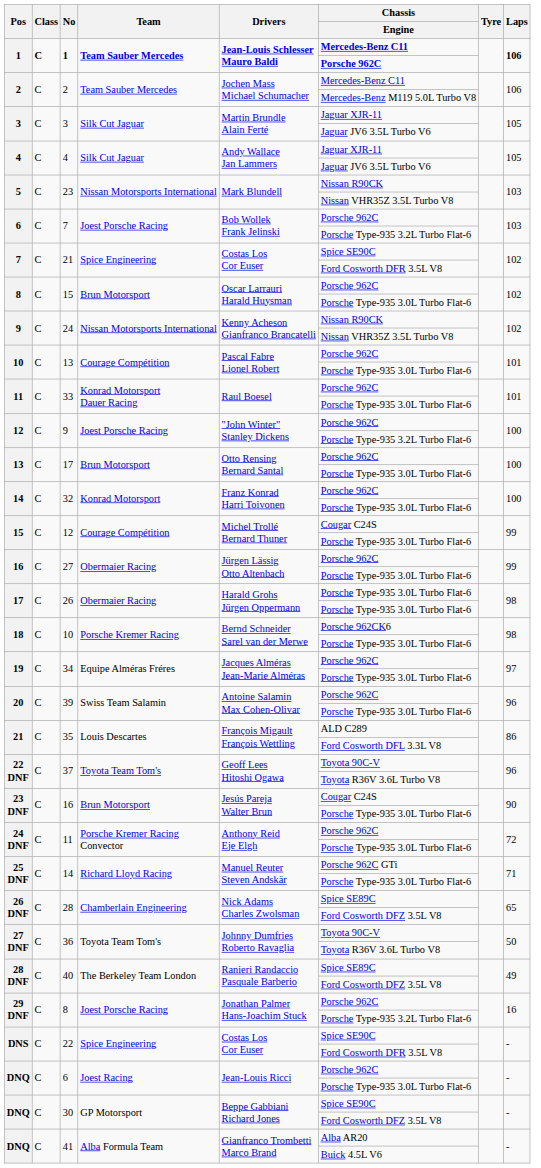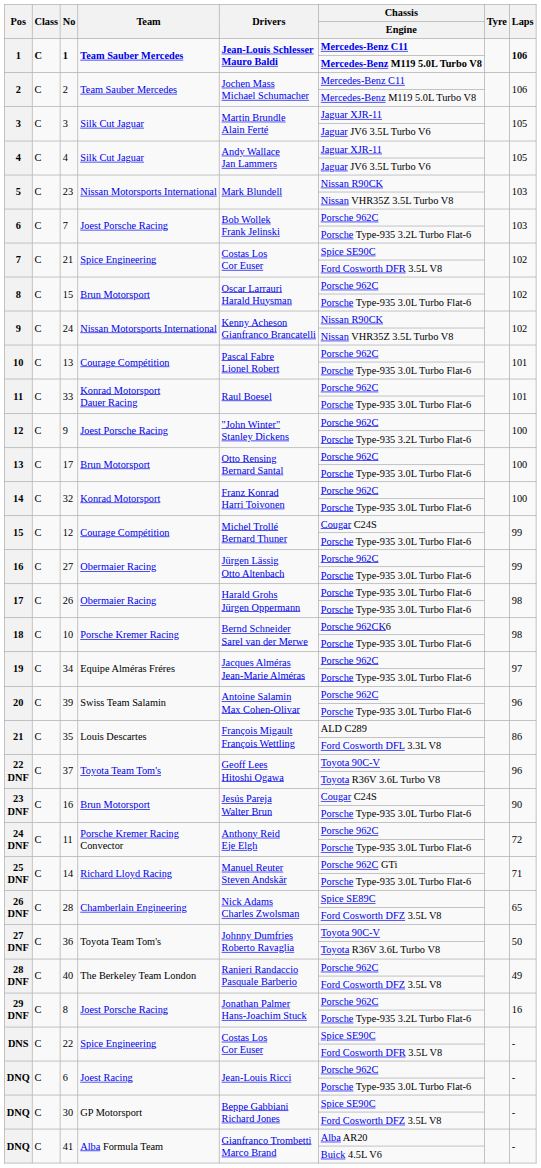 <table class="wikitable" style="font-size: 95%;">
 <tr>
 <th rowspan=2>Pos</th>
 <th rowspan=2>Class</th>
 <th rowspan=2>No</th>
 <th rowspan=2>Team</th>
 <th rowspan=2>Drivers</th>
 <th>Chassis</th>
 <th rowspan=2>Tyre</th>
 <th rowspan=2>Laps</th>
 </tr>
 <tr>
 <th>Engine</th>
 </tr>
 <tr style="font-weight:bold">
 <th rowspan=2>1</th>
 <td rowspan=2>C</td>
 <td rowspan=2>1</td>
 <td rowspan=2> <a href='#'>Team Sauber Mercedes</a></td>
 <td rowspan=2> <a href='#'>Jean-Louis Schlesser</a><br> <a href='#'>Mauro Baldi</a></td>
 <td><a href='#'>Mercedes-Benz C11</a></td>
 <td rowspan=2></td>
 <td rowspan=2>106</td>
 </tr>
 <tr style="font-weight:bold">
-<td><a href='#'>Porsche 962C</a></td>
+<td><a href='#'>Mercedes-Benz</a> M119 5.0L Turbo V8</td>
 </tr>
 <tr>
 <th rowspan=2>2</th>
 <td rowspan=2>C</td>
 <td rowspan=2>2</td>
 <td rowspan=2> <a href='#'>Team Sauber Mercedes</a></td>
 <td rowspan=2> <a href='#'>Jochen Mass</a><br> <a href='#'>Michael Schumacher</a></td>
 <td><a href='#'>Mercedes-Benz C11</a></td>
 <td rowspan=2></td>
 <td rowspan=2>106</td>
 </tr>
 <tr>
 <td><a href='#'>Mercedes-Benz</a> M119 5.0L Turbo V8</td>
 </tr>
 <tr>
 <th rowspan=2>3</th>
 <td rowspan=2>C</td>
 <td rowspan=2>3</td>
 <td rowspan=2> <a href='#'>Silk Cut Jaguar</a></td>
 <td rowspan=2> <a href='#'>Martin Brundle</a><br> <a href='#'>Alain Ferté</a></td>
 <td><a href='#'>Jaguar XJR-11</a></td>
 <td rowspan=2></td>
 <td rowspan=2>105</td>
 </tr>
 <tr>
 <td><a href='#'>Jaguar</a> JV6 3.5L Turbo V6</td>
 </tr>
 <tr>
 <th rowspan=2>4</th>
 <td rowspan=2>C</td>
 <td rowspan=2>4</td>
 <td rowspan=2> <a href='#'>Silk Cut Jaguar</a></td>
 <td rowspan=2> <a href='#'>Andy Wallace</a><br> <a href='#'>Jan Lammers</a></td>
 <td><a href='#'>Jaguar XJR-11</a></td>
 <td rowspan=2></td>
 <td rowspan=2>105</td>
 </tr>
 <tr>
 <td><a href='#'>Jaguar</a> JV6 3.5L Turbo V6</td>
 </tr>
 <tr>
 <th rowspan=2>5</th>
 <td rowspan=2>C</td>
 <td rowspan=2>23</td>
 <td rowspan=2> <a href='#'>Nissan Motorsports International</a></td>
 <td rowspan=2> <a href='#'>Mark Blundell</a></td>
 <td><a href='#'>Nissan R90CK</a></td>
 <td rowspan=2></td>
 <td rowspan=2>103</td>
 </tr>
 <tr>
 <td><a href='#'>Nissan</a> VHR35Z 3.5L Turbo V8</td>
 </tr>
 <tr>
 <th rowspan=2>6</th>
 <td rowspan=2>C</td>
 <td rowspan=2>7</td>
 <td rowspan=2> <a href='#'>Joest Porsche Racing</a></td>
 <td rowspan=2> <a href='#'>Bob Wollek</a><br> <a href='#'>Frank Jelinski</a></td>
 <td><a href='#'>Porsche 962C</a></td>
 <td rowspan=2></td>
 <td rowspan=2>103</td>
 </tr>
 <tr>
 <td><a href='#'>Porsche</a> Type-935 3.2L Turbo Flat-6</td>
 </tr>
 <tr>
 <th rowspan=2>7</th>
 <td rowspan=2>C</td>
 <td rowspan=2>21</td>
 <td rowspan=2> <a href='#'>Spice Engineering</a></td>
 <td rowspan=2> <a href='#'>Costas Los</a><br> <a href='#'>Cor Euser</a></td>
 <td><a href='#'>Spice SE90C</a></td>
 <td rowspan=2></td>
 <td rowspan=2>102</td>
 </tr>
 <tr>
 <td><a href='#'>Ford Cosworth DFR</a> 3.5L V8</td>
 </tr>
 <tr>
 <th rowspan=2>8</th>
 <td rowspan=2>C</td>
 <td rowspan=2>15</td>
 <td rowspan=2> <a href='#'>Brun Motorsport</a></td>
 <td rowspan=2> <a href='#'>Oscar Larrauri</a><br> <a href='#'>Harald Huysman</a></td>
 <td><a href='#'>Porsche 962C</a></td>
 <td rowspan=2></td>
 <td rowspan=2>102</td>
 </tr>
 <tr>
 <td><a href='#'>Porsche</a> Type-935 3.0L Turbo Flat-6</td>
 </tr>
 <tr>
 <th rowspan=2>9</th>
 <td rowspan=2>C</td>
 <td rowspan=2>24</td>
 <td rowspan=2> <a href='#'>Nissan Motorsports International</a></td>
 <td rowspan=2> <a href='#'>Kenny Acheson</a><br> <a href='#'>Gianfranco Brancatelli</a></td>
 <td><a href='#'>Nissan R90CK</a></td>
 <td rowspan=2></td>
 <td rowspan=2>102</td>
 </tr>
 <tr>
 <td><a href='#'>Nissan</a> VHR35Z 3.5L Turbo V8</td>
 </tr>
 <tr>
 <th rowspan=2>10</th>
 <td rowspan=2>C</td>
 <td rowspan=2>13</td>
 <td rowspan=2> <a href='#'>Courage Compétition</a></td>
 <td rowspan=2> <a href='#'>Pascal Fabre</a><br> <a href='#'>Lionel Robert</a></td>
 <td><a href='#'>Porsche 962C</a></td>
 <td rowspan=2></td>
 <td rowspan=2>101</td>
 </tr>
 <tr>
 <td><a href='#'>Porsche</a> Type-935 3.0L Turbo Flat-6</td>
 </tr>
 <tr>
 <th rowspan=2>11</th>
 <td rowspan=2>C</td>
 <td rowspan=2>33</td>
 <td rowspan=2> <a href='#'>Konrad Motorsport</a><br> <a href='#'>Dauer Racing</a></td>
 <td rowspan=2> <a href='#'>Raul Boesel</a></td>
 <td><a href='#'>Porsche 962C</a></td>
 <td rowspan=2></td>
 <td rowspan=2>101</td>
 </tr>
 <tr>
 <td><a href='#'>Porsche</a> Type-935 3.0L Turbo Flat-6</td>
 </tr>
 <tr>
 <th rowspan=2>12</th>
 <td rowspan=2>C</td>
 <td rowspan=2>9</td>
 <td rowspan=2> <a href='#'>Joest Porsche Racing</a></td>
 <td rowspan=2> <a href='#'>"John Winter"</a><br> <a href='#'>Stanley Dickens</a></td>
 <td><a href='#'>Porsche 962C</a></td>
 <td rowspan=2></td>
 <td rowspan=2>100</td>
 </tr>
 <tr>
 <td><a href='#'>Porsche</a> Type-935 3.2L Turbo Flat-6</td>
 </tr>
 <tr>
 <th rowspan=2>13</th>
 <td rowspan=2>C</td>
 <td rowspan=2>17</td>
 <td rowspan=2> <a href='#'>Brun Motorsport</a></td>
 <td rowspan=2> <a href='#'>Otto Rensing</a><br> <a href='#'>Bernard Santal</a></td>
 <td><a href='#'>Porsche 962C</a></td>
 <td rowspan=2></td>
 <td rowspan=2>100</td>
 </tr>
 <tr>
 <td><a href='#'>Porsche</a> Type-935 3.0L Turbo Flat-6</td>
 </tr>
 <tr>
 <th rowspan=2>14</th>
 <td rowspan=2>C</td>
 <td rowspan=2>32</td>
 <td rowspan=2> <a href='#'>Konrad Motorsport</a></td>
 <td rowspan=2> <a href='#'>Franz Konrad</a><br> <a href='#'>Harri Toivonen</a></td>
 <td><a href='#'>Porsche 962C</a></td>
 <td rowspan=2></td>
 <td rowspan=2>100</td>
 </tr>
 <tr>
 <td><a href='#'>Porsche</a> Type-935 3.0L Turbo Flat-6</td>
 </tr>
 <tr>
 <th rowspan=2>15</th>
 <td rowspan=2>C</td>
 <td rowspan=2>12</td>
 <td rowspan=2> <a href='#'>Courage Compétition</a></td>
 <td rowspan=2> <a href='#'>Michel Trollé</a><br> <a href='#'>Bernard Thuner</a></td>
 <td><a href='#'>Cougar</a> C24S</td>
 <td rowspan=2></td>
 <td rowspan=2>99</td>
 </tr>
 <tr>
 <td><a href='#'>Porsche</a> Type-935 3.0L Turbo Flat-6</td>
 </tr>
 <tr>
 <th rowspan=2>16</th>
 <td rowspan=2>C</td>
 <td rowspan=2>27</td>
 <td rowspan=2> <a href='#'>Obermaier Racing</a></td>
 <td rowspan=2> <a href='#'>Jürgen Lässig</a><br> <a href='#'>Otto Altenbach</a></td>
 <td><a href='#'>Porsche 962C</a></td>
 <td rowspan=2></td>
 <td rowspan=2>99</td>
 </tr>
 <tr>
 <td><a href='#'>Porsche</a> Type-935 3.0L Turbo Flat-6</td>
 </tr>
 <tr>
 <th rowspan=2>17</th>
 <td rowspan=2>C</td>
 <td rowspan=2>26</td>
 <td rowspan=2> <a href='#'>Obermaier Racing</a></td>
 <td rowspan=2> <a href='#'>Harald Grohs</a><br> <a href='#'>Jürgen Oppermann</a></td>
 <td><a href='#'>Porsche</a> Type-935 3.0L Turbo Flat-6</td>
 <td rowspan=2></td>
 <td rowspan=2>98</td>
 </tr>
 <tr>
 <td><a href='#'>Porsche</a> Type-935 3.0L Turbo Flat-6</td>
 </tr>
 <tr>
 <th rowspan=2>18</th>
 <td rowspan=2>C</td>
 <td rowspan=2>10</td>
 <td rowspan=2> <a href='#'>Porsche Kremer Racing</a></td>
 <td rowspan=2> <a href='#'>Bernd Schneider</a><br> <a href='#'>Sarel van der Merwe</a></td>
 <td><a href='#'>Porsche 962CK</a>6</td>
 <td rowspan=2></td>
 <td rowspan=2>98</td>
 </tr>
 <tr>
 <td><a href='#'>Porsche</a> Type-935 3.0L Turbo Flat-6</td>
 </tr>
 <tr>
 <th rowspan=2>19</th>
 <td rowspan=2>C</td>
 <td rowspan=2>34</td>
 <td rowspan=2> Equipe Alméras Fréres</td>
 <td rowspan=2> <a href='#'>Jacques Alméras</a><br> <a href='#'>Jean-Marie Alméras</a></td>
 <td><a href='#'>Porsche 962C</a></td>
 <td rowspan=2></td>
 <td rowspan=2>97</td>
 </tr>
 <tr>
 <td><a href='#'>Porsche</a> Type-935 3.0L Turbo Flat-6</td>
 </tr>
 <tr>
 <th rowspan=2>20</th>
 <td rowspan=2>C</td>
 <td rowspan=2>39</td>
 <td rowspan=2> Swiss Team Salamin</td>
 <td rowspan=2> <a href='#'>Antoine Salamin</a><br> <a href='#'>Max Cohen-Olivar</a></td>
 <td><a href='#'>Porsche 962C</a></td>
 <td rowspan=2></td>
 <td rowspan=2>96</td>
 </tr>
 <tr>
 <td><a href='#'>Porsche</a> Type-935 3.0L Turbo Flat-6</td>
 </tr>
 <tr>
 <th rowspan=2>21</th>
 <td rowspan=2>C</td>
 <td rowspan=2>35</td>
 <td rowspan=2> Louis Descartes</td>
 <td rowspan=2> <a href='#'>François Migault</a><br> <a href='#'>François Wettling</a></td>
 <td>ALD C289</td>
 <td rowspan=2></td>
 <td rowspan=2>86</td>
 </tr>
 <tr>
 <td><a href='#'>Ford Cosworth DFL</a> 3.3L V8</td>
 </tr>
 <tr>
 <th rowspan=2>22<br>DNF</th>
 <td rowspan=2>C</td>
 <td rowspan=2>37</td>
 <td rowspan=2> <a href='#'>Toyota Team Tom's</a></td>
 <td rowspan=2> <a href='#'>Geoff Lees</a><br> <a href='#'>Hitoshi Ogawa</a></td>
 <td><a href='#'>Toyota 90C-V</a></td>
 <td rowspan=2></td>
 <td rowspan=2>96</td>
 </tr>
 <tr>
 <td><a href='#'>Toyota</a> R36V 3.6L Turbo V8</td>
 </tr>
 <tr>
 <th rowspan=2>23<br>DNF</th>
 <td rowspan=2>C</td>
 <td rowspan=2>16</td>
 <td rowspan=2> <a href='#'>Brun Motorsport</a></td>
 <td rowspan=2> <a href='#'>Jesús Pareja</a><br> <a href='#'>Walter Brun</a></td>
 <td><a href='#'>Cougar</a> C24S</td>
 <td rowspan=2></td>
 <td rowspan=2>90</td>
 </tr>
 <tr>
 <td><a href='#'>Porsche</a> Type-935 3.0L Turbo Flat-6</td>
 </tr>
 <tr>
 <th rowspan=2>24<br>DNF</th>
 <td rowspan=2>C</td>
 <td rowspan=2>11</td>
 <td rowspan=2> <a href='#'>Porsche Kremer Racing</a><br> Convector</td>
 <td rowspan=2> <a href='#'>Anthony Reid</a><br> <a href='#'>Eje Elgh</a></td>
 <td><a href='#'>Porsche 962C</a></td>
 <td rowspan=2></td>
 <td rowspan=2>72</td>
 </tr>
 <tr>
 <td><a href='#'>Porsche</a> Type-935 3.0L Turbo Flat-6</td>
 </tr>
 <tr>
 <th rowspan=2>25<br>DNF</th>
 <td rowspan=2>C</td>
 <td rowspan=2>14</td>
 <td rowspan=2> <a href='#'>Richard Lloyd Racing</a></td>
 <td rowspan=2> <a href='#'>Manuel Reuter</a><br> <a href='#'>Steven Andskär</a></td>
 <td><a href='#'>Porsche 962C</a> GTi</td>
 <td rowspan=2></td>
 <td rowspan=2>71</td>
 </tr>
 <tr>
 <td><a href='#'>Porsche</a> Type-935 3.0L Turbo Flat-6</td>
 </tr>
 <tr>
 <th rowspan=2>26<br>DNF</th>
 <td rowspan=2>C</td>
 <td rowspan=2>28</td>
 <td rowspan=2> <a href='#'>Chamberlain Engineering</a></td>
 <td rowspan=2> <a href='#'>Nick Adams</a><br> <a href='#'>Charles Zwolsman</a></td>
 <td><a href='#'>Spice SE89C</a></td>
 <td rowspan=2></td>
 <td rowspan=2>65</td>
 </tr>
 <tr>
 <td><a href='#'>Ford Cosworth DFZ</a> 3.5L V8</td>
 </tr>
 <tr>
 <th rowspan=2>27<br>DNF</th>
 <td rowspan=2>C</td>
 <td rowspan=2>36</td>
 <td rowspan=2> Toyota Team Tom's</td>
 <td rowspan=2> <a href='#'>Johnny Dumfries</a><br> <a href='#'>Roberto Ravaglia</a></td>
 <td><a href='#'>Toyota 90C-V</a></td>
 <td rowspan=2></td>
 <td rowspan=2>50</td>
 </tr>
 <tr>
 <td><a href='#'>Toyota</a> R36V 3.6L Turbo V8</td>
 </tr>
 <tr>
 <th rowspan=2>28<br>DNF</th>
 <td rowspan=2>C</td>
 <td rowspan=2>40</td>
 <td rowspan=2> The Berkeley Team London</td>
 <td rowspan=2> <a href='#'>Ranieri Randaccio</a><br> <a href='#'>Pasquale Barberio</a></td>
-<td><a href='#'>Spice SE89C</a></td>
+<td><a href='#'>Porsche 962C</a></td>
 <td rowspan=2></td>
 <td rowspan=2>49</td>
 </tr>
 <tr>
 <td><a href='#'>Ford Cosworth DFZ</a> 3.5L V8</td>
 </tr>
 <tr>
 <th rowspan=2>29<br>DNF</th>
 <td rowspan=2>C</td>
 <td rowspan=2>8</td>
 <td rowspan=2> <a href='#'>Joest Porsche Racing</a></td>
 <td rowspan=2> <a href='#'>Jonathan Palmer</a><br> <a href='#'>Hans-Joachim Stuck</a></td>
 <td><a href='#'>Porsche 962C</a></td>
 <td rowspan=2></td>
 <td rowspan=2>16</td>
 </tr>
 <tr>
 <td><a href='#'>Porsche</a> Type-935 3.2L Turbo Flat-6</td>
 </tr>
 <tr>
 <th rowspan=2>DNS</th>
 <td rowspan=2>C</td>
 <td rowspan=2>22</td>
 <td rowspan=2> <a href='#'>Spice Engineering</a></td>
 <td rowspan=2> <a href='#'>Costas Los</a><br> <a href='#'>Cor Euser</a></td>
 <td><a href='#'>Spice SE90C</a></td>
 <td rowspan=2></td>
 <td rowspan=2>-</td>
 </tr>
 <tr>
 <td><a href='#'>Ford Cosworth DFR</a> 3.5L V8</td>
 </tr>
 <tr>
 <th rowspan=2>DNQ</th>
 <td rowspan=2>C</td>
 <td rowspan=2>6</td>
 <td rowspan=2> <a href='#'>Joest Racing</a></td>
 <td rowspan=2> <a href='#'>Jean-Louis Ricci</a></td>
 <td><a href='#'>Porsche 962C</a></td>
 <td rowspan=2></td>
 <td rowspan=2>-</td>
 </tr>
 <tr>
 <td><a href='#'>Porsche</a> Type-935 3.0L Turbo Flat-6</td>
 </tr>
 <tr>
 <th rowspan=2>DNQ</th>
 <td rowspan=2>C</td>
 <td rowspan=2>30</td>
 <td rowspan=2> GP Motorsport</td>
 <td rowspan=2> <a href='#'>Beppe Gabbiani</a><br> <a href='#'>Richard Jones</a></td>
 <td><a href='#'>Spice SE90C</a></td>
 <td rowspan=2></td>
 <td rowspan=2>-</td>
 </tr>
 <tr>
 <td><a href='#'>Ford Cosworth DFZ</a> 3.5L V8</td>
 </tr>
 <tr>
 <th rowspan=2>DNQ</th>
 <td rowspan=2>C</td>
 <td rowspan=2>41</td>
 <td rowspan=2> <a href='#'>Alba</a> Formula Team</td>
 <td rowspan=2> <a href='#'>Gianfranco Trombetti</a><br> <a href='#'>Marco Brand</a></td>
 <td><a href='#'>Alba</a> AR20</td>
 <td rowspan=2></td>
 <td rowspan=2>-</td>
 </tr>
 <tr>
 <td><a href='#'>Buick</a> 4.5L V6</td>
 </tr>
 </table>
